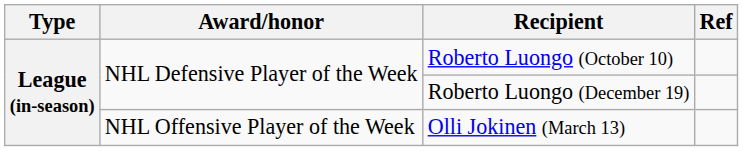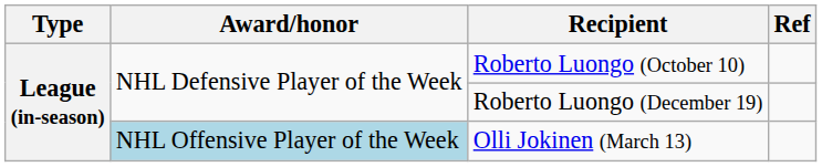 <table class="wikitable">
 <tr>
 <th scope="col">Type</th>
 <th scope="col">Award/honor</th>
 <th scope="col">Recipient</th>
 <th scope="col">Ref</th>
 </tr>
 <tr>
 <th scope="row" rowspan="3">League<br><small>(in-season)</small></th>
 <td rowspan="2">NHL Defensive Player of the Week</td>
 <td><a href='#'>Roberto Luongo</a> <small>(October 10)</small></td>
 <td></td>
 </tr>
 <tr>
 <td>Roberto Luongo <small>(December 19)</small></td>
 <td></td>
 </tr>
 <tr>
-<td>NHL Offensive Player of the Week</td>
+<td style="background: lightblue;">NHL Offensive Player of the Week</td>
 <td><a href='#'>Olli Jokinen</a> <small>(March 13)</small></td>
 <td></td>
 </tr>
 </table>
